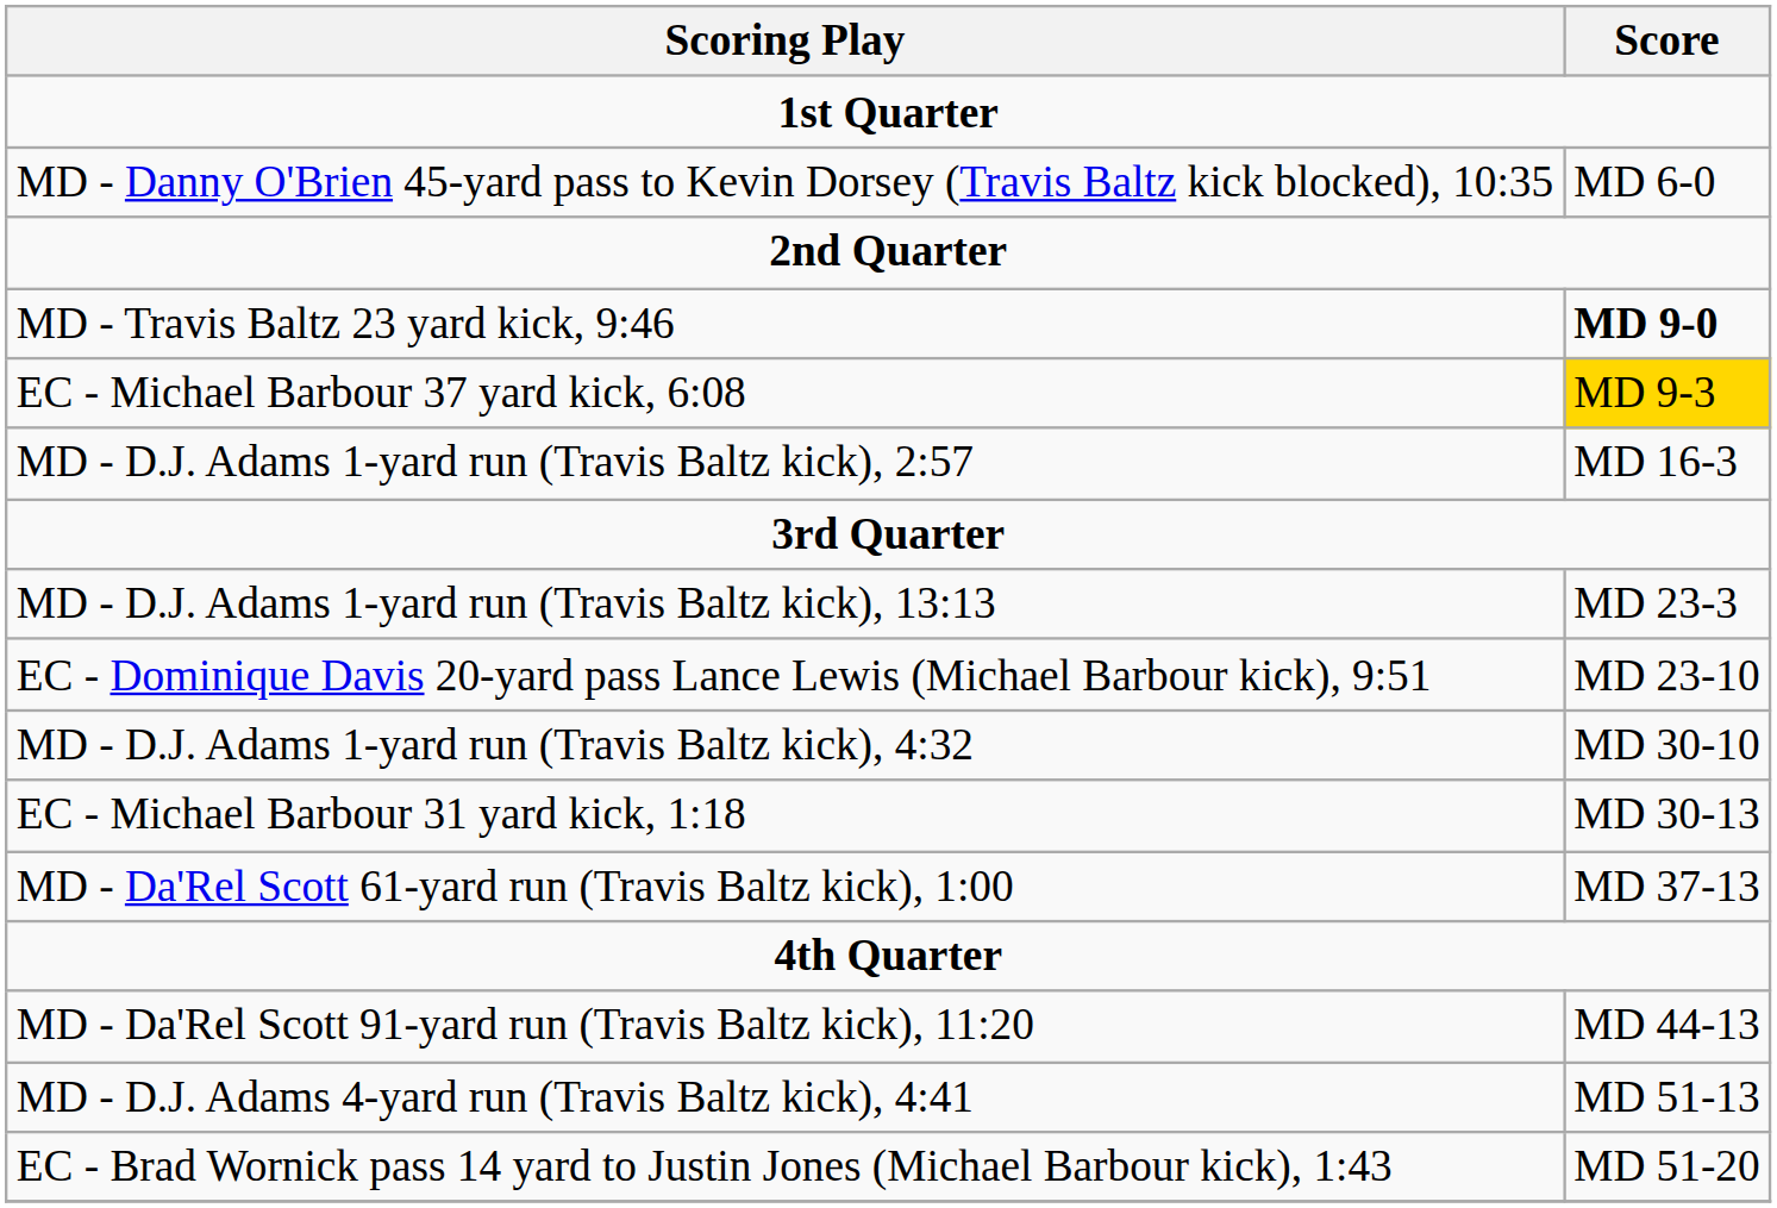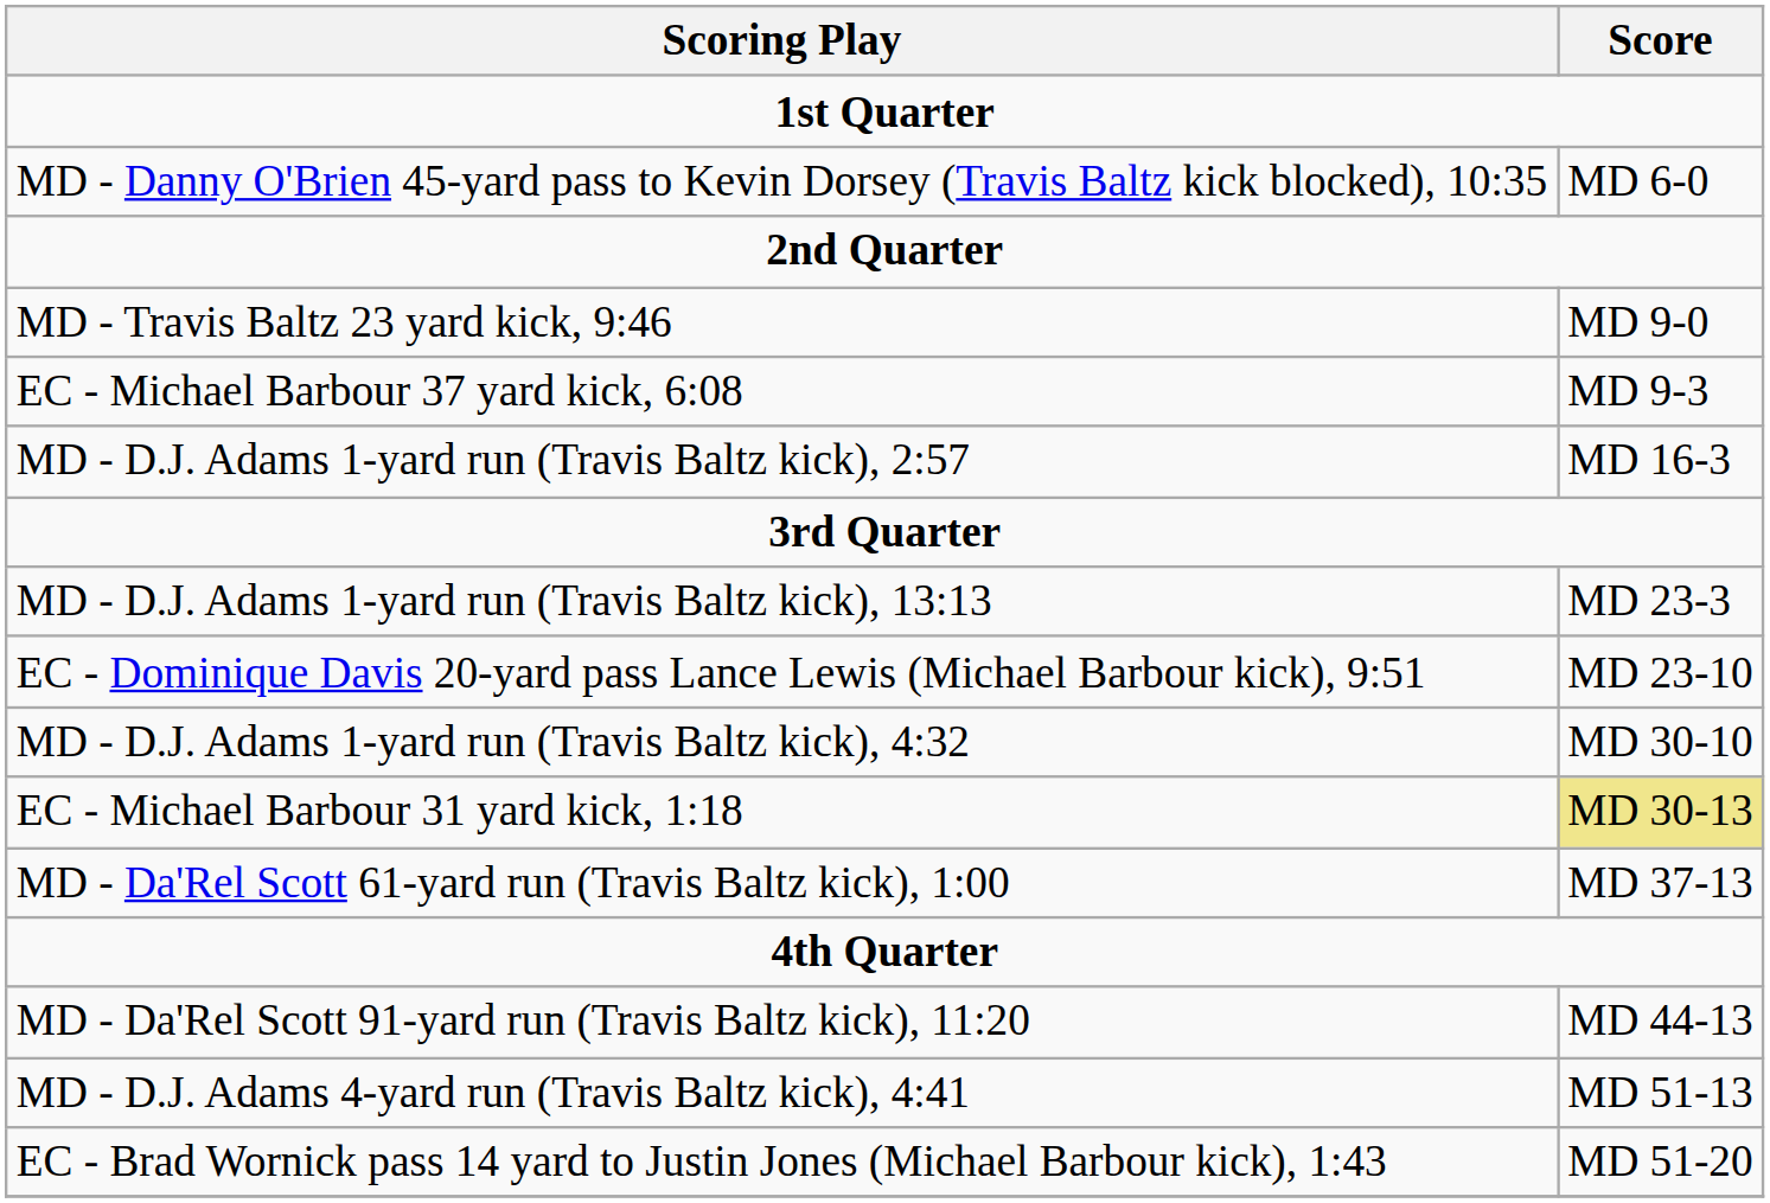 <table class="wikitable">
 <tr>
 <th>Scoring Play</th>
 <th>Score</th>
 </tr>
 <tr>
 <td colspan="4" align="center"><strong>1st Quarter</strong></td>
 </tr>
 <tr>
 <td>MD - <a href='#'>Danny O'Brien</a> 45-yard pass to Kevin Dorsey (<a href='#'>Travis Baltz</a> kick blocked), 10:35</td>
 <td>MD 6-0</td>
 </tr>
 <tr>
 <td colspan="4" align="center"><strong>2nd Quarter</strong></td>
 </tr>
 <tr>
 <td>MD - Travis Baltz 23 yard kick, 9:46</td>
-<td><strong>MD 9-0</strong></td>
+<td>MD 9-0</td>
 </tr>
 <tr>
 <td>EC - Michael Barbour 37 yard kick, 6:08</td>
-<td style="background: gold;">MD 9-3</td>
+<td>MD 9-3</td>
 </tr>
 <tr>
 <td>MD - D.J. Adams 1-yard run (Travis Baltz kick), 2:57</td>
 <td>MD 16-3</td>
 </tr>
 <tr>
 <td colspan="4" align="center"><strong>3rd Quarter</strong></td>
 </tr>
 <tr>
 <td>MD - D.J. Adams 1-yard run (Travis Baltz kick), 13:13</td>
 <td>MD 23-3</td>
 </tr>
 <tr>
 <td>EC - <a href='#'>Dominique Davis</a> 20-yard pass Lance Lewis (Michael Barbour kick), 9:51</td>
 <td>MD 23-10</td>
 </tr>
 <tr>
 <td>MD - D.J. Adams 1-yard run (Travis Baltz kick), 4:32</td>
 <td>MD 30-10</td>
 </tr>
 <tr>
 <td>EC - Michael Barbour 31 yard kick, 1:18</td>
-<td>MD 30-13</td>
+<td style="background: khaki;">MD 30-13</td>
 </tr>
 <tr>
 <td>MD - <a href='#'>Da'Rel Scott</a> 61-yard run (Travis Baltz kick), 1:00</td>
 <td>MD 37-13</td>
 </tr>
 <tr>
 <td colspan="4" align="center"><strong>4th Quarter</strong></td>
 </tr>
 <tr>
 <td>MD - Da'Rel Scott 91-yard run (Travis Baltz kick), 11:20</td>
 <td>MD 44-13</td>
 </tr>
 <tr>
 <td>MD - D.J. Adams 4-yard run (Travis Baltz kick), 4:41</td>
 <td>MD 51-13</td>
 </tr>
 <tr>
 <td>EC - Brad Wornick pass 14 yard to Justin Jones (Michael Barbour kick), 1:43</td>
 <td>MD 51-20</td>
 </tr>
 <tr>
 </tr>
 </table>
